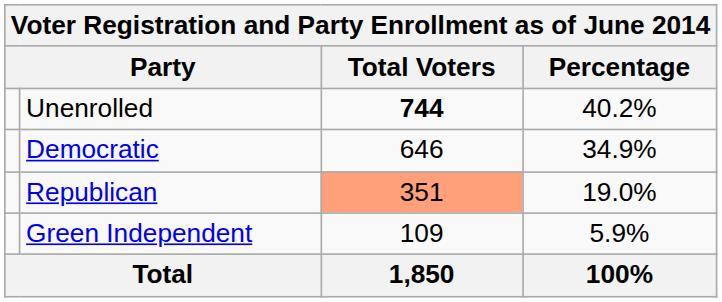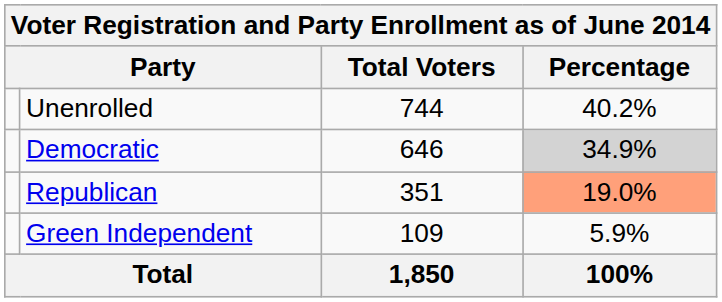 <table class=wikitable>
 <tr>
 <th colspan = 6>Voter Registration and Party Enrollment as of June 2014</th>
 </tr>
 <tr>
 <th colspan = 2>Party</th>
 <th>Total Voters</th>
 <th>Percentage</th>
 </tr>
 <tr>
 <td></td>
 <td>Unenrolled</td>
-<td align = center><strong>744</strong></td>
+<td align = center>744</td>
 <td align = center>40.2%</td>
 </tr>
 <tr>
 <td></td>
 <td><a href='#'>Democratic</a></td>
 <td align = center>646</td>
-<td align = center>34.9%</td>
+<td align = center style="background: lightgrey;">34.9%</td>
 </tr>
 <tr>
 <td></td>
 <td><a href='#'>Republican</a></td>
-<td align = center style="background: lightsalmon;">351</td>
-<td align = center>19.0%</td>
+<td align = center>351</td>
+<td align = center style="background: lightsalmon;">19.0%</td>
 </tr>
 <tr>
 <td></td>
 <td><a href='#'>Green Independent</a></td>
 <td align = center>109</td>
 <td align = center>5.9%</td>
 </tr>
 <tr>
 <th colspan = 2>Total</th>
 <th align = center>1,850</th>
 <th align = center>100%</th>
 </tr>
 </table>
